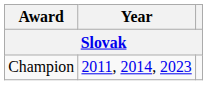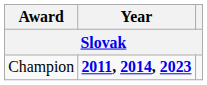 <table class="wikitable">
 <tr>
 <th>Award</th>
 <th>Year</th>
 <th></th>
 </tr>
 <tr>
 <th colspan="3"><a href='#'>Slovak</a></th>
 </tr>
 <tr>
 <td>Champion</td>
-<td><a href='#'>2011</a>, <a href='#'>2014</a>, <a href='#'>2023</a></td>
+<td><strong><a href='#'>2011</a>, <a href='#'>2014</a>, <a href='#'>2023</a></strong></td>
 <td></td>
 </tr>
 </table>
